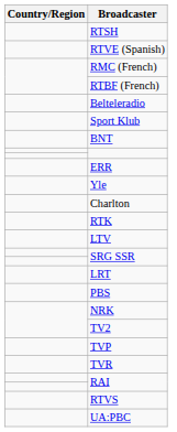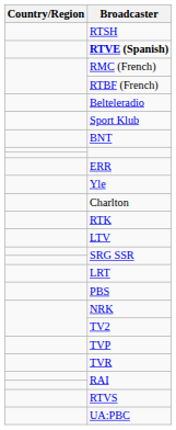 <table class="wikitable">
 <tr>
 <th>Country/Region</th>
 <th>Broadcaster</th>
 </tr>
 <tr>
 <td></td>
 <td><a href='#'>RTSH</a></td>
 </tr>
 <tr>
 <td rowspan="2"></td>
-<td><a href='#'>RTVE</a> (Spanish)</td>
+<td><strong><a href='#'>RTVE</a> (Spanish)</strong></td>
 </tr>
 <tr>
 <td rowspan="2"><a href='#'>RMC</a> (French)</td>
 </tr>
 <tr>
 <td rowspan="2"></td>
 </tr>
 <tr>
 <td><a href='#'>RTBF</a> (French)</td>
 </tr>
 <tr>
 <td></td>
 <td><a href='#'>Belteleradio</a></td>
 </tr>
 <tr>
 <td></td>
 <td><a href='#'>Sport Klub</a></td>
 </tr>
 <tr>
 <td></td>
 <td><a href='#'>BNT</a></td>
 </tr>
 <tr>
 <td></td>
 <td rowspan="2"></td>
 </tr>
 <tr>
 <td></td>
 </tr>
 <tr>
 <td></td>
 <td><a href='#'>ERR</a></td>
 </tr>
 <tr>
 <td></td>
 <td><a href='#'>Yle</a></td>
 </tr>
 <tr>
 <td></td>
 <td>Charlton</td>
 </tr>
 <tr>
 <td></td>
 <td><a href='#'>RTK</a></td>
 </tr>
 <tr>
 <td></td>
 <td><a href='#'>LTV</a></td>
 </tr>
 <tr>
 <td></td>
 <td rowspan="2"><a href='#'>SRG SSR</a></td>
 </tr>
 <tr>
 <td></td>
 </tr>
 <tr>
 <td></td>
 <td><a href='#'>LRT</a></td>
 </tr>
 <tr>
 <td></td>
 <td><a href='#'>PBS</a></td>
 </tr>
 <tr>
 <td rowspan="2"></td>
 <td><a href='#'>NRK</a></td>
 </tr>
 <tr>
 <td><a href='#'>TV2</a></td>
 </tr>
 <tr>
 <td></td>
 <td><a href='#'>TVP</a></td>
 </tr>
 <tr>
 <td></td>
 <td><a href='#'>TVR</a></td>
 </tr>
 <tr>
 <td></td>
 <td rowspan="2"><a href='#'>RAI</a></td>
 </tr>
 <tr>
 <td></td>
 </tr>
 <tr>
 <td></td>
 <td><a href='#'>RTVS</a></td>
 </tr>
 <tr>
 <td></td>
 <td><a href='#'>UA:PBC</a></td>
 </tr>
 </table>
